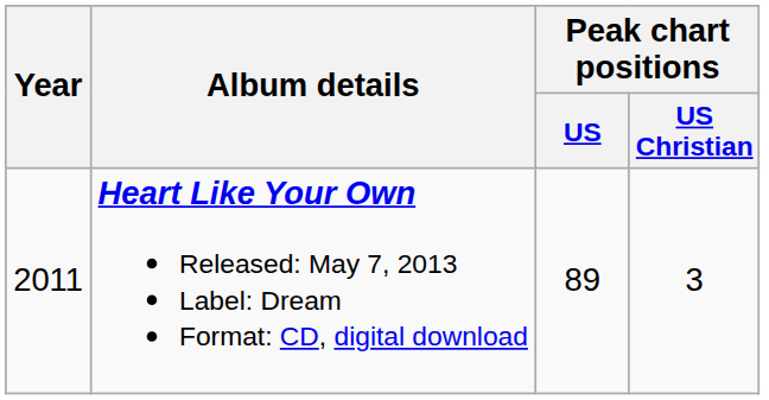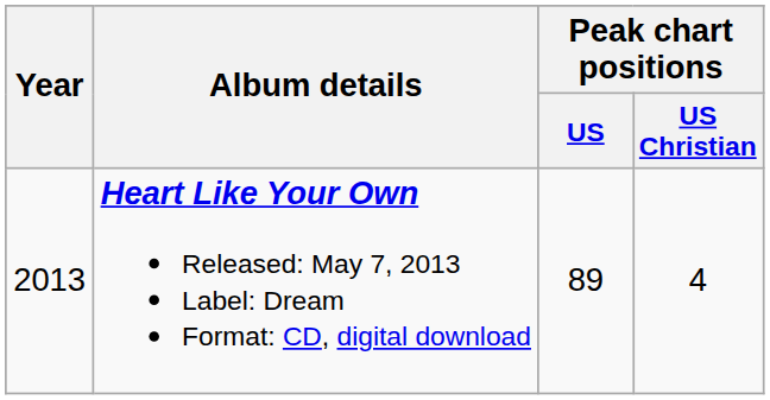 <table class="wikitable" style="text-align:center;">
 <tr>
 <th rowspan="2">Year</th>
 <th rowspan="2">Album details</th>
 <th colspan="3">Peak chart positions</th>
 </tr>
 <tr style="font-size:smaller;">
 <th width="40"><a href='#'>US</a></th>
 <th width="40"><a href='#'>US<br>Christian</a></th>
 </tr>
 <tr>
-<td>2011</td>
+<td>2013</td>
 <td align="left"><strong><em><a href='#'>Heart Like Your Own</a></em></strong><br><ul><li><small>Released: May 7, 2013</small></li><li><small>Label: Dream</small></li><li><small>Format: <a href='#'>CD</a>, <a href='#'>digital download</a></small></li></ul></td>
 <td>89</td>
-<td>3</td>
+<td>4</td>
 </tr>
 </table>
